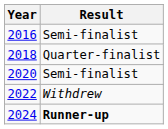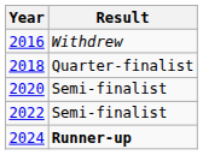 <table class="wikitable">
 <tr>
 <th>Year</th>
 <th>Result</th>
 </tr>
 <tr>
 <td><a href='#'>2016</a></td>
-<td> Semi-finalist</td>
+<td><em>Withdrew</em></td>
 </tr>
 <tr>
 <td><a href='#'>2018</a></td>
 <td>Quarter-finalist</td>
 </tr>
 <tr>
 <td><a href='#'>2020</a></td>
 <td> Semi-finalist</td>
 </tr>
 <tr>
 <td><a href='#'>2022</a></td>
-<td><em>Withdrew</em></td>
+<td> Semi-finalist</td>
 </tr>
 <tr>
 <td><a href='#'>2024</a></td>
 <td> <strong>Runner-up</strong></td>
 </tr>
 </table>
